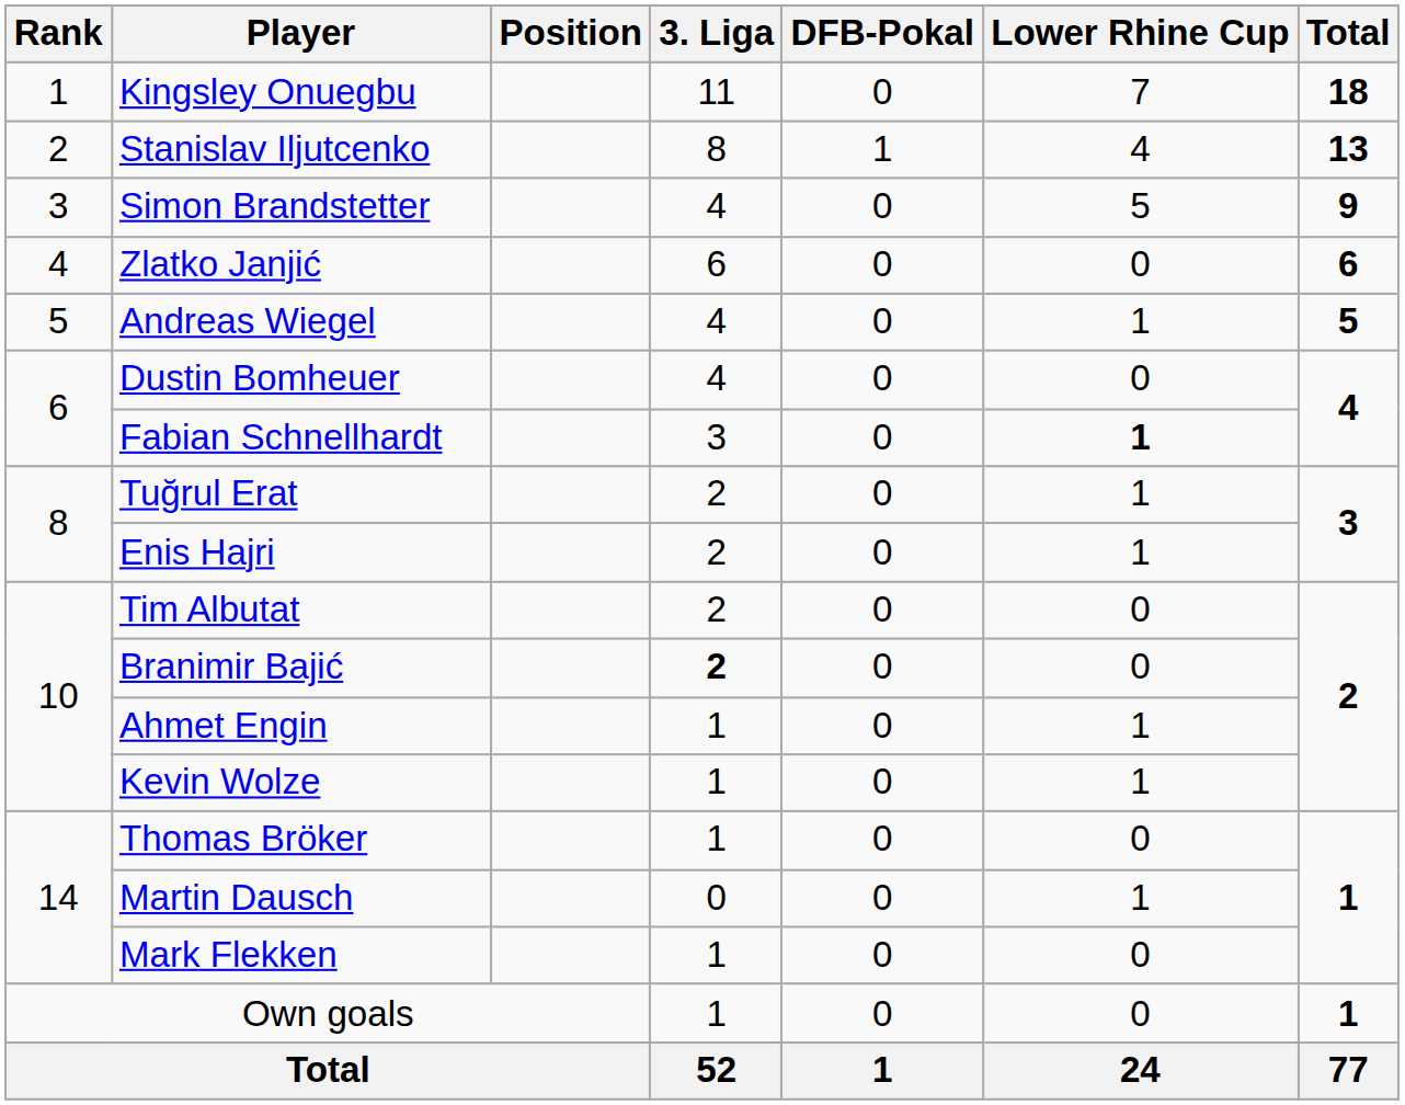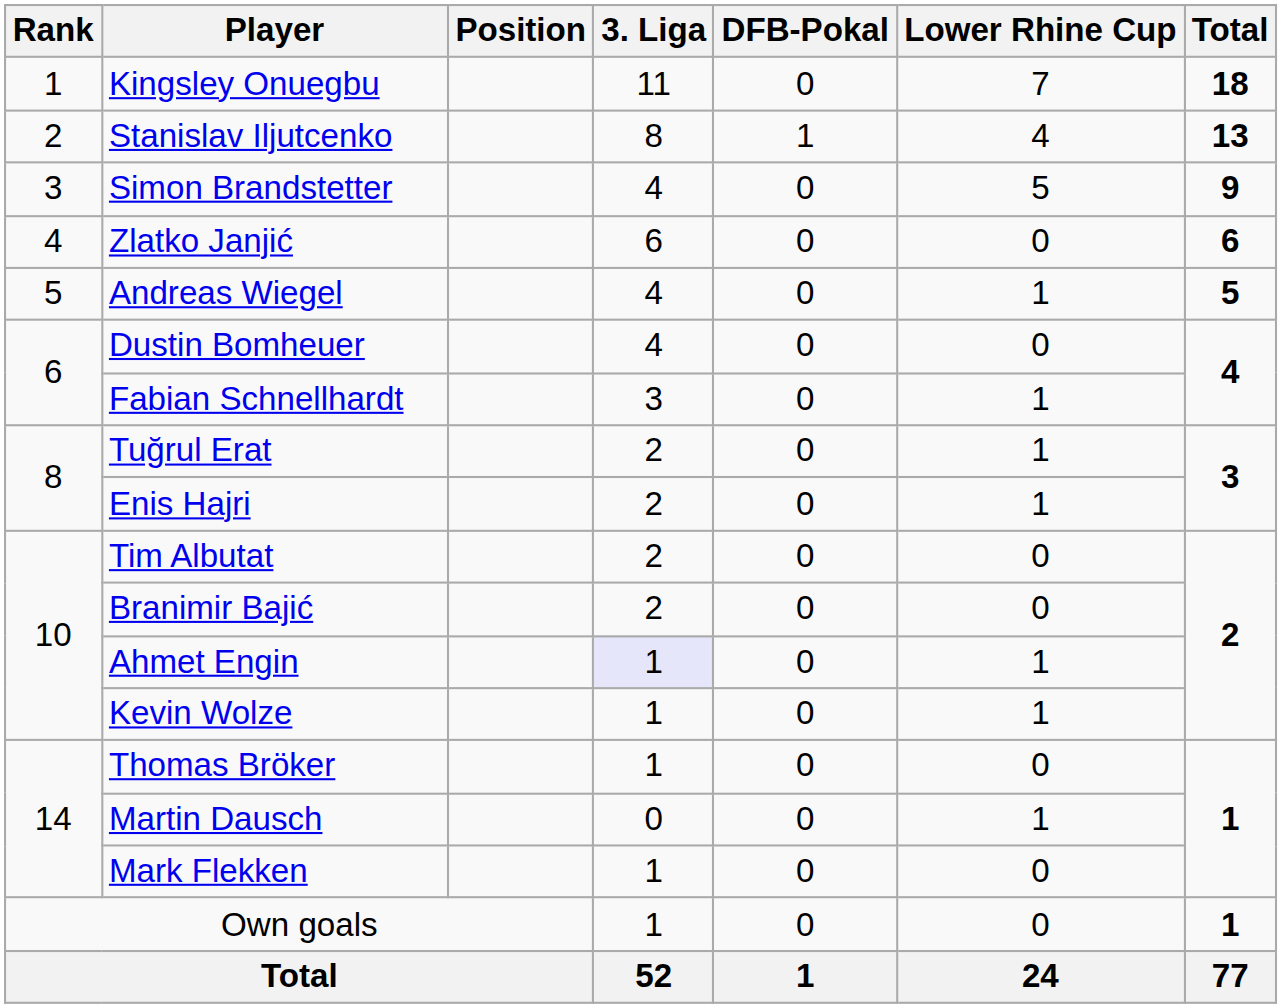 <table class="wikitable">
 <tr>
 <th>Rank</th>
 <th style="width:160px;">Player</th>
 <th>Position</th>
 <th>3. Liga</th>
 <th>DFB-Pokal</th>
 <th>Lower Rhine Cup</th>
 <th>Total</th>
 </tr>
 <tr>
 <td align=center>1</td>
 <td> <a href='#'>Kingsley Onuegbu</a></td>
 <td align=center></td>
 <td align=center>11</td>
 <td align=center>0</td>
 <td align=center>7</td>
 <td align=center><strong>18</strong></td>
 </tr>
 <tr>
 <td align=center>2</td>
 <td> <a href='#'>Stanislav Iljutcenko</a></td>
 <td align=center></td>
 <td align=center>8</td>
 <td align=center>1</td>
 <td align=center>4</td>
 <td align=center><strong>13</strong></td>
 </tr>
 <tr>
 <td align=center>3</td>
 <td> <a href='#'>Simon Brandstetter</a></td>
 <td align=center></td>
 <td align=center>4</td>
 <td align=center>0</td>
 <td align=center>5</td>
 <td align=center><strong>9</strong></td>
 </tr>
 <tr>
 <td align=center>4</td>
 <td> <a href='#'>Zlatko Janjić</a></td>
 <td align=center></td>
 <td align=center>6</td>
 <td align=center>0</td>
 <td align=center>0</td>
 <td align=center><strong>6</strong></td>
 </tr>
 <tr>
 <td align=center>5</td>
 <td> <a href='#'>Andreas Wiegel</a></td>
 <td align=center></td>
 <td align=center>4</td>
 <td align=center>0</td>
 <td align=center>1</td>
 <td align=center><strong>5</strong></td>
 </tr>
 <tr>
 <td align=center rowspan=2>6</td>
 <td> <a href='#'>Dustin Bomheuer</a></td>
 <td align=center></td>
 <td align=center>4</td>
 <td align=center>0</td>
 <td align=center>0</td>
 <td align=center rowspan=2><strong>4</strong></td>
 </tr>
 <tr>
 <td> <a href='#'>Fabian Schnellhardt</a></td>
 <td align=center></td>
 <td align=center>3</td>
 <td align=center>0</td>
-<td align=center><strong>1</strong></td>
+<td align=center>1</td>
 </tr>
 <tr>
 <td align=center rowspan=2>8</td>
 <td> <a href='#'>Tuğrul Erat</a></td>
 <td align=center></td>
 <td align=center>2</td>
 <td align=center>0</td>
 <td align=center>1</td>
 <td align=center rowspan=2><strong>3</strong></td>
 </tr>
 <tr>
 <td> <a href='#'>Enis Hajri</a></td>
 <td align=center></td>
 <td align=center>2</td>
 <td align=center>0</td>
 <td align=center>1</td>
 </tr>
 <tr>
 <td align=center rowspan=4>10</td>
 <td> <a href='#'>Tim Albutat</a></td>
 <td align=center></td>
 <td align=center>2</td>
 <td align=center>0</td>
 <td align=center>0</td>
 <td align=center rowspan=4><strong>2</strong></td>
 </tr>
 <tr>
 <td> <a href='#'>Branimir Bajić</a></td>
 <td align=center></td>
-<td align=center><strong>2</strong></td>
+<td align=center>2</td>
 <td align=center>0</td>
 <td align=center>0</td>
 </tr>
 <tr>
 <td> <a href='#'>Ahmet Engin</a></td>
 <td align=center></td>
-<td align=center>1</td>
+<td align=center style="background: lavender;">1</td>
 <td align=center>0</td>
 <td align=center>1</td>
 </tr>
 <tr>
 <td> <a href='#'>Kevin Wolze</a></td>
 <td align=center></td>
 <td align=center>1</td>
 <td align=center>0</td>
 <td align=center>1</td>
 </tr>
 <tr>
 <td align=center rowspan=3>14</td>
 <td> <a href='#'>Thomas Bröker</a></td>
 <td align=center></td>
 <td align=center>1</td>
 <td align=center>0</td>
 <td align=center>0</td>
 <td align=center rowspan=3><strong>1</strong></td>
 </tr>
 <tr>
 <td> <a href='#'>Martin Dausch</a></td>
 <td align=center></td>
 <td align=center>0</td>
 <td align=center>0</td>
 <td align=center>1</td>
 </tr>
 <tr>
 <td> <a href='#'>Mark Flekken</a></td>
 <td align=center></td>
 <td align=center>1</td>
 <td align=center>0</td>
 <td align=center>0</td>
 </tr>
 <tr>
 <td align=center colspan=3>Own goals</td>
 <td align=center>1</td>
 <td align=center>0</td>
 <td align=center>0</td>
 <td align=center><strong>1</strong></td>
 </tr>
 <tr>
 <th align=center colspan=3>Total</th>
 <th align=center>52</th>
 <th align=center>1</th>
 <th align=center>24</th>
 <th align=center>77</th>
 </tr>
 </table>
